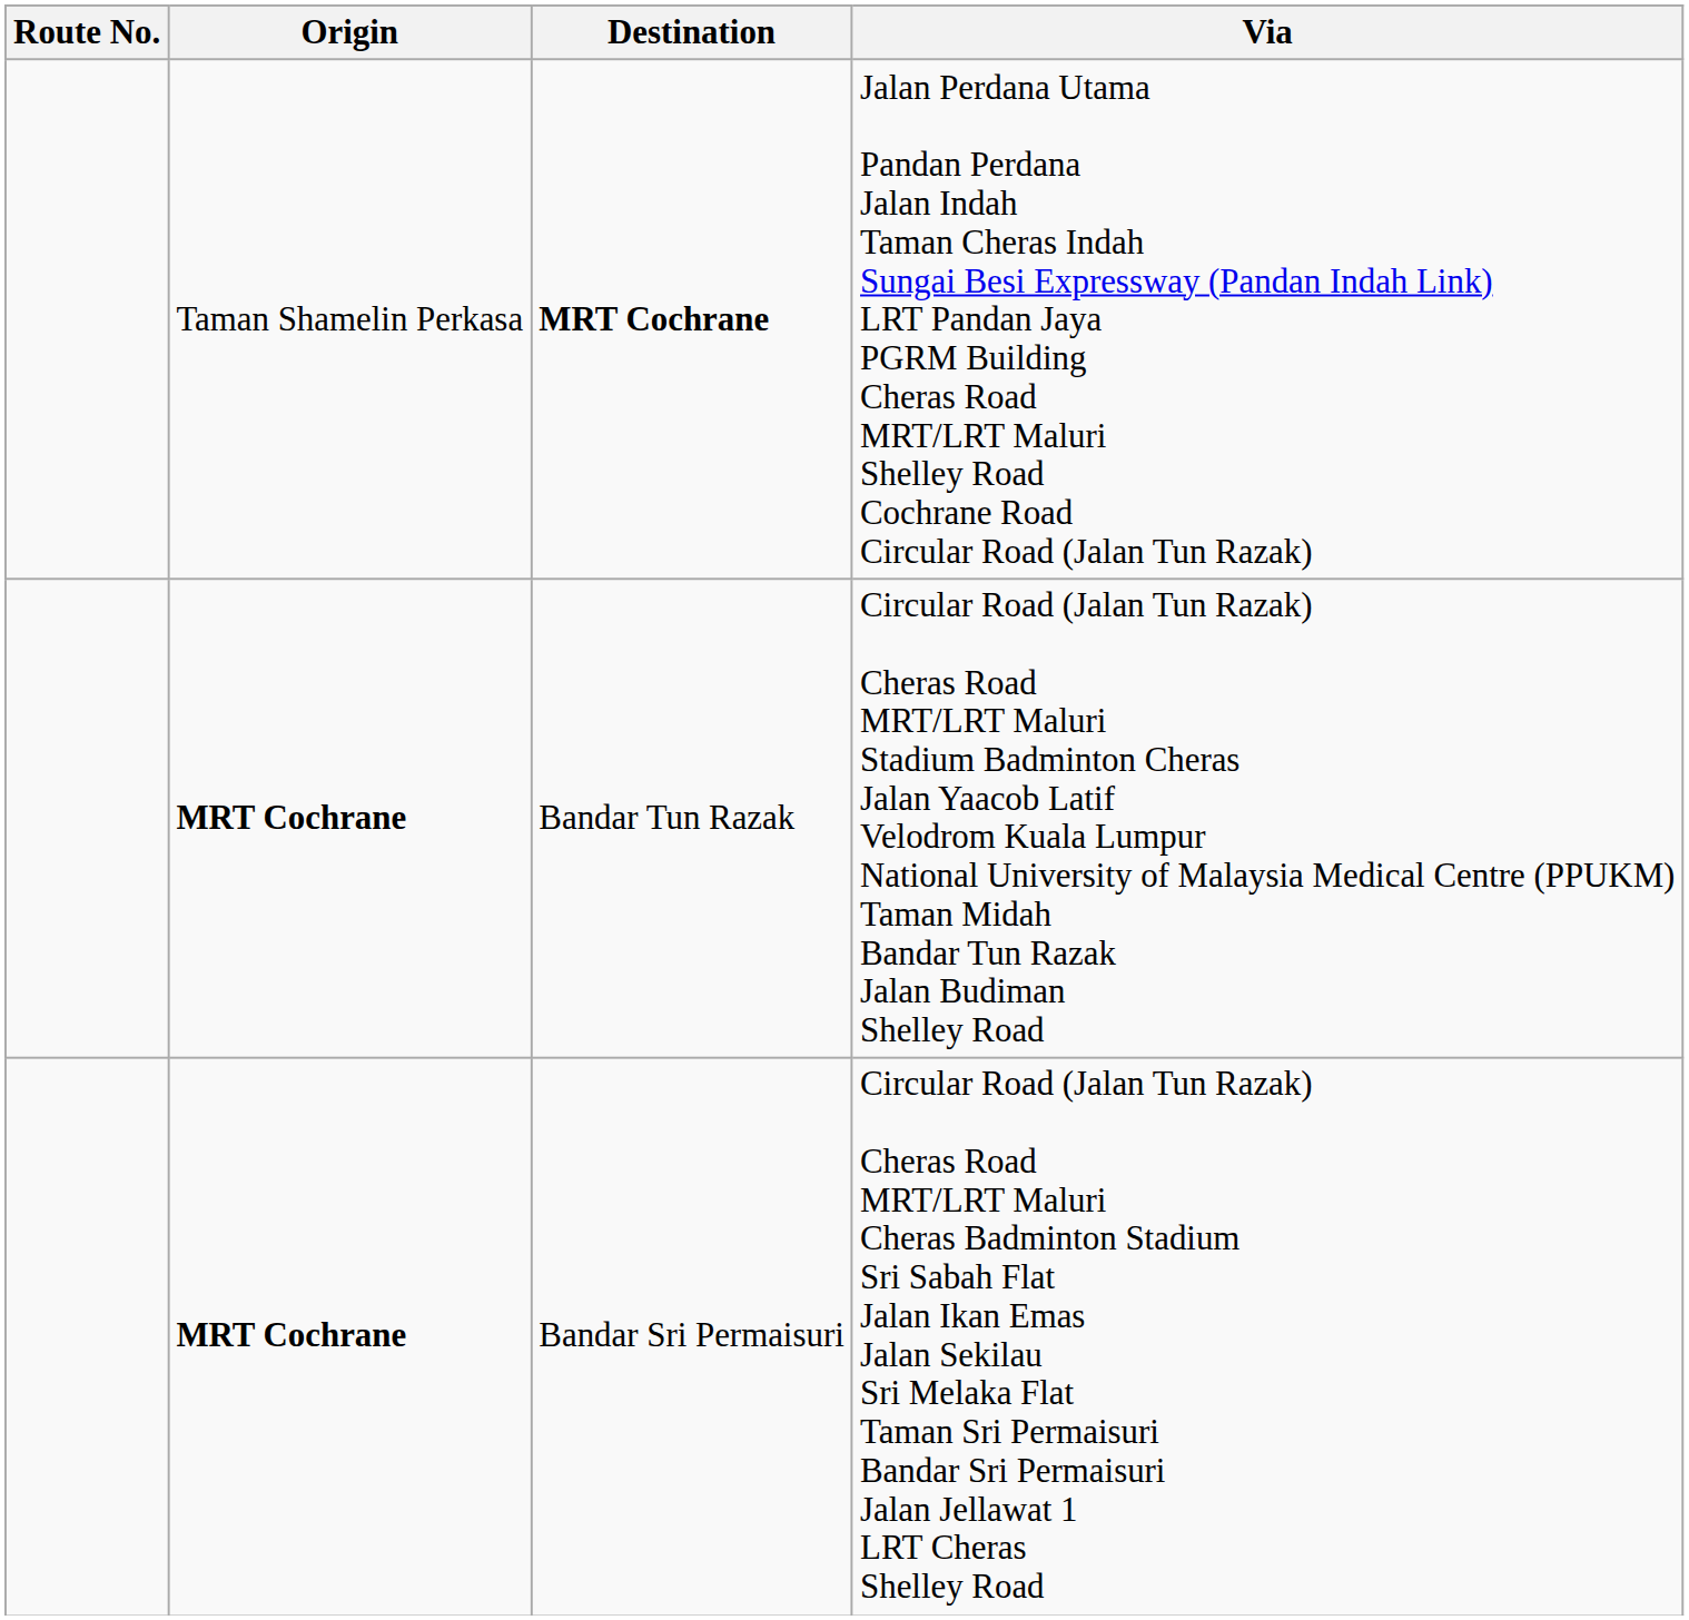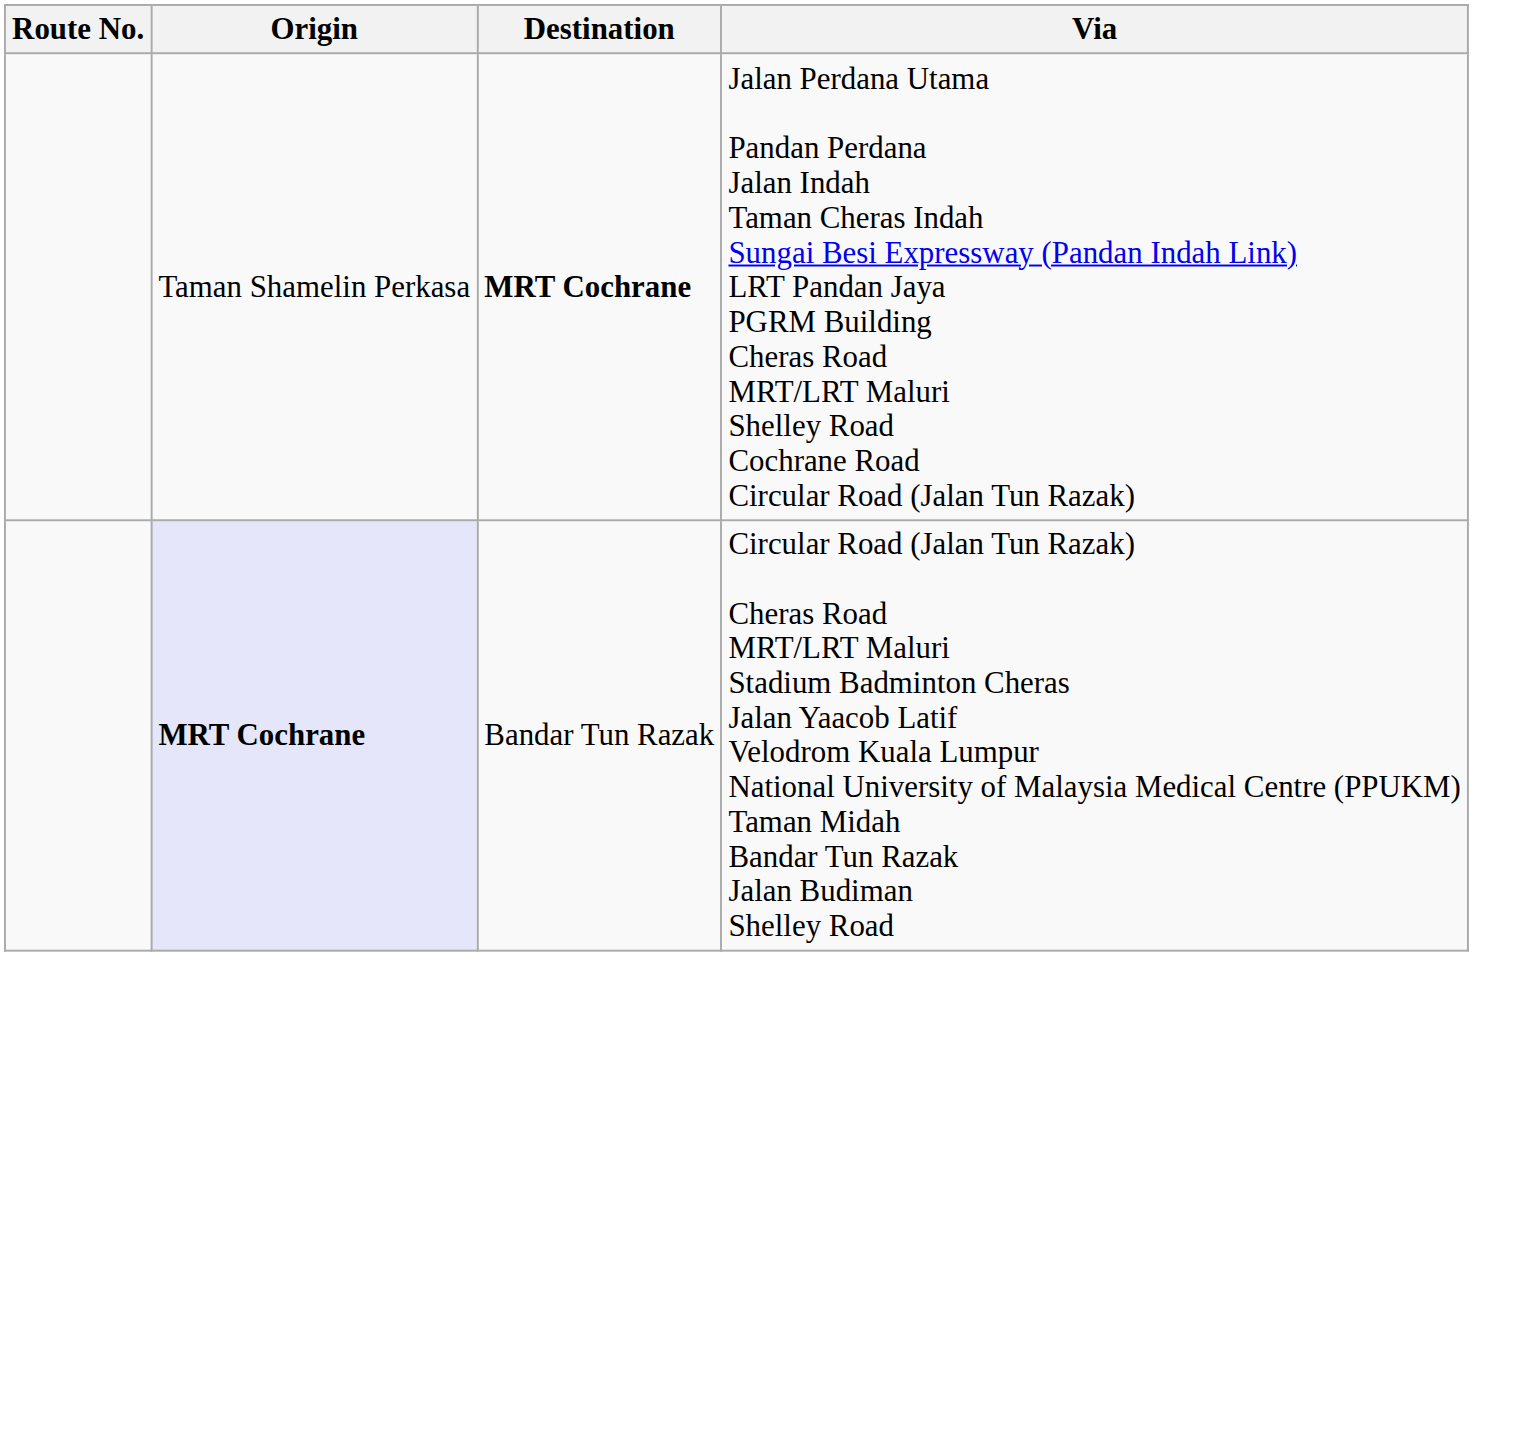 <table class="wikitable">
 <tr>
 <th>Route No.</th>
 <th>Origin</th>
 <th>Destination</th>
 <th>Via</th>
 </tr>
 <tr>
 <td></td>
 <td>Taman Shamelin Perkasa</td>
 <td> <strong>MRT Cochrane</strong></td>
 <td>Jalan Perdana Utama <br><br>Pandan Perdana <br> Jalan Indah <br> Taman Cheras Indah <br>  <a href='#'>Sungai Besi Expressway (Pandan Indah Link)</a><br>  LRT Pandan Jaya<br> PGRM Building<br>  Cheras Road<br>  MRT/LRT Maluri<br> Shelley Road<br> Cochrane Road<br> Circular Road (Jalan Tun Razak)<br></td>
 </tr>
 <tr>
 <td></td>
-<td> <strong>MRT Cochrane</strong></td>
+<td style="background: lavender;"> <strong>MRT Cochrane</strong></td>
 <td>Bandar Tun Razak</td>
 <td>Circular Road (Jalan Tun Razak)<br><br> Cheras Road<br>  MRT/LRT Maluri<br> Stadium Badminton Cheras<br> Jalan Yaacob Latif<br> Velodrom Kuala Lumpur<br> National University of Malaysia Medical Centre (PPUKM)<br> Taman Midah<br> Bandar Tun Razak<br> Jalan Budiman<br> Shelley Road<br></td>
 </tr>
-<tr>
-<td></td>
-<td> <strong>MRT Cochrane</strong></td>
-<td>Bandar Sri Permaisuri</td>
-<td>Circular Road (Jalan Tun Razak)<br><br> Cheras Road<br>  MRT/LRT Maluri<br> Cheras Badminton Stadium<br> Sri Sabah Flat<br> Jalan Ikan Emas<br> Jalan Sekilau<br> Sri Melaka Flat<br> Taman Sri Permaisuri<br> Bandar Sri Permaisuri<br> Jalan Jellawat 1<br>  LRT Cheras<br> Shelley Road</td>
-</tr>
 </table>
